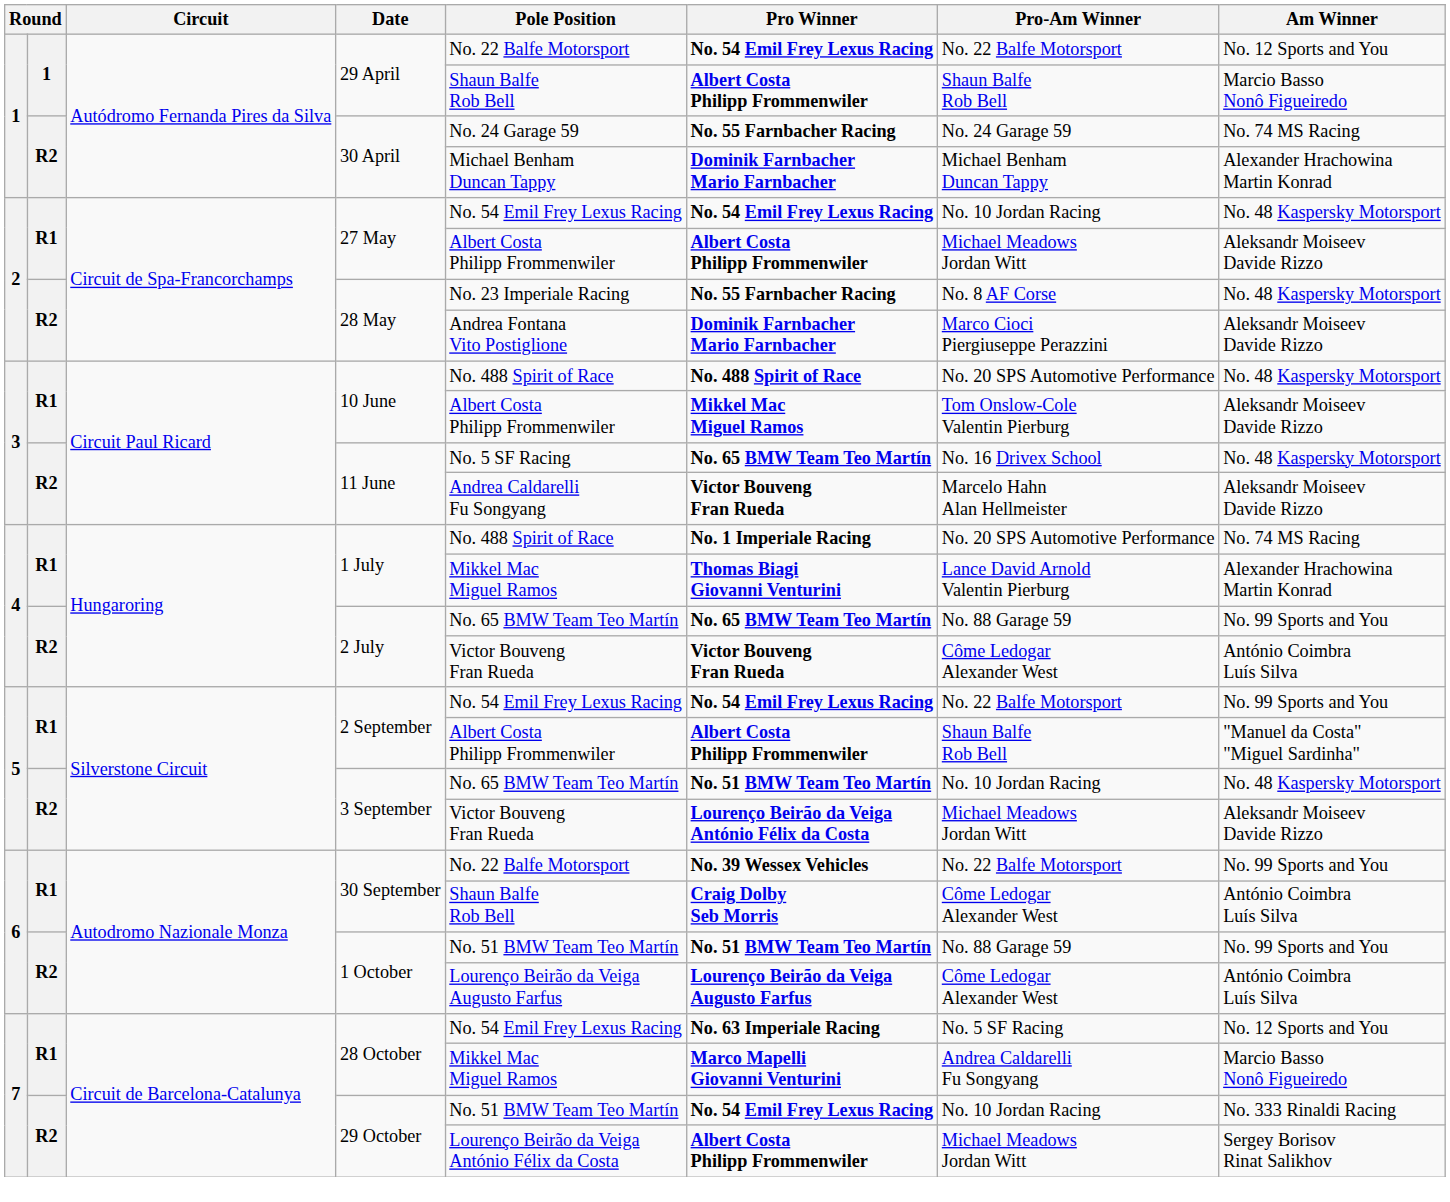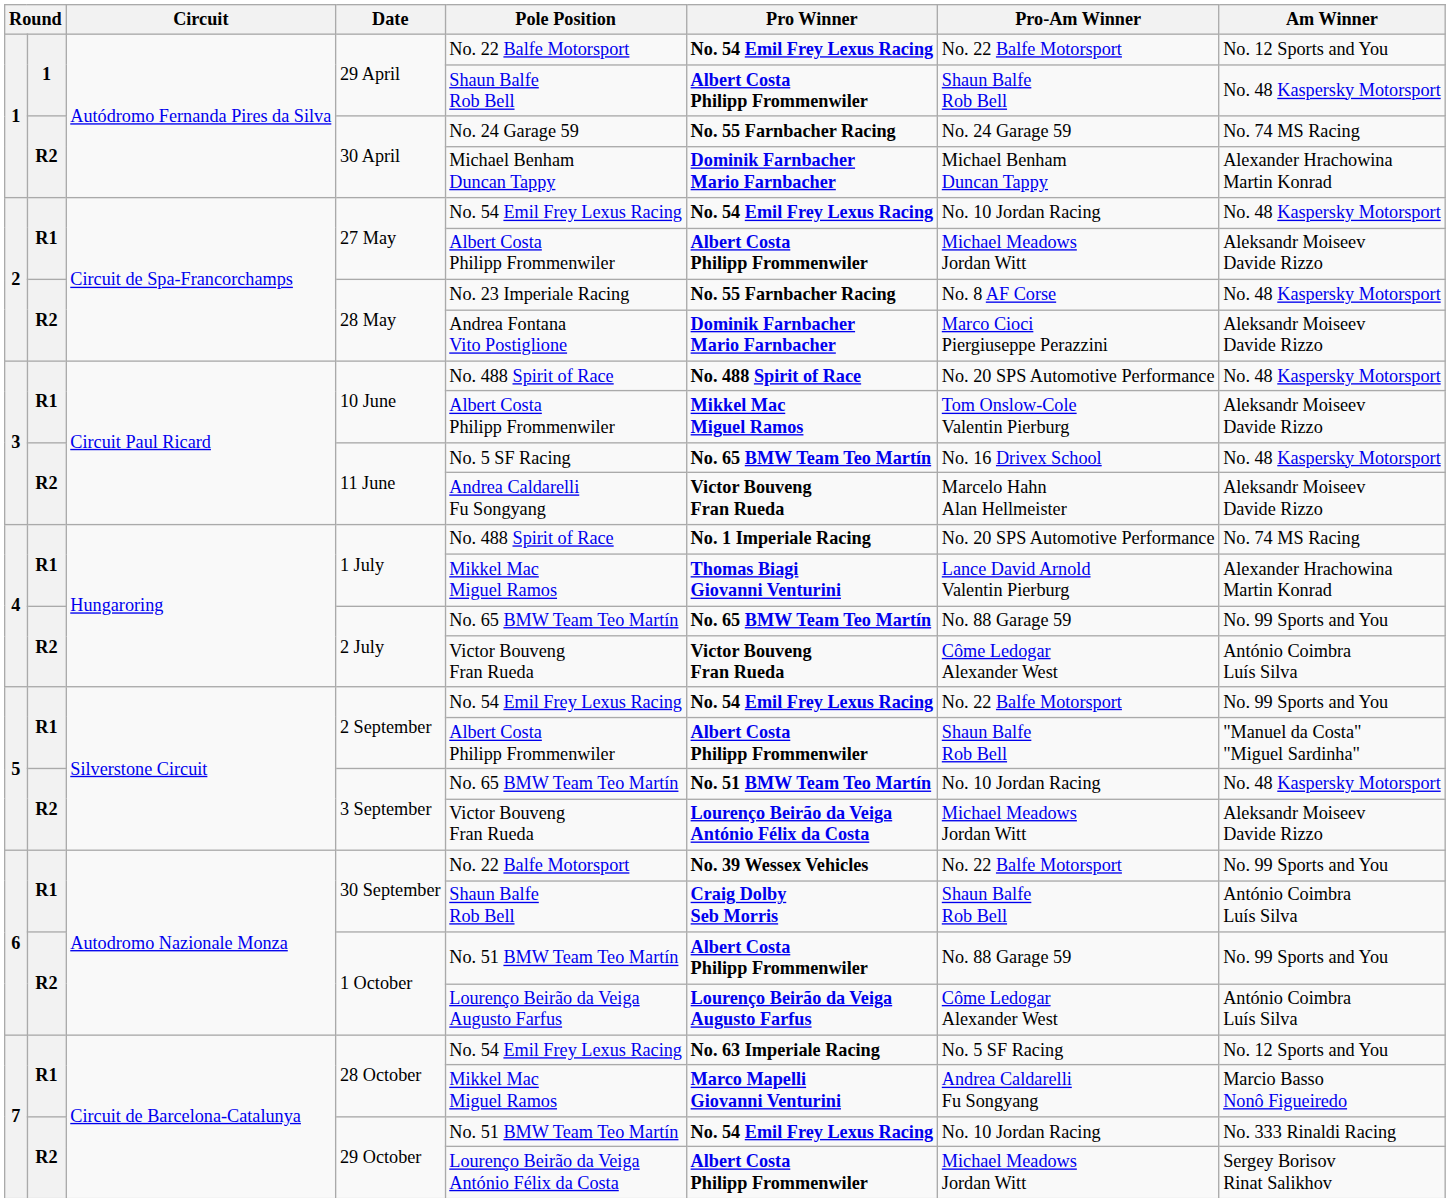 <table class="wikitable" style="font-size: 85%;">
 <tr>
 <th colspan=2>Round</th>
 <th>Circuit</th>
 <th>Date</th>
 <th>Pole Position</th>
 <th>Pro Winner</th>
 <th>Pro-Am Winner</th>
 <th>Am Winner</th>
 </tr>
 <tr>
 <th rowspan=4>1</th>
 <th rowspan=2>1</th>
 <td rowspan=4> <a href='#'>Autódromo Fernanda Pires da Silva</a></td>
 <td rowspan=2>29 April</td>
 <td> No. 22 <a href='#'>Balfe Motorsport</a></td>
 <td><strong> No. 54 <a href='#'>Emil Frey Lexus Racing</a> </strong></td>
 <td> No. 22 <a href='#'>Balfe Motorsport</a></td>
 <td> No. 12 Sports and You</td>
 </tr>
 <tr>
 <td> <a href='#'>Shaun Balfe</a><br> <a href='#'>Rob Bell</a></td>
 <td><strong> <a href='#'>Albert Costa</a><br> Philipp Frommenwiler</strong></td>
 <td> <a href='#'>Shaun Balfe</a><br> <a href='#'>Rob Bell</a></td>
-<td> Marcio Basso<br> <a href='#'>Nonô Figueiredo</a></td>
+<td> No. 48 <a href='#'>Kaspersky Motorsport</a></td>
 </tr>
 <tr>
 <th rowspan=2>R2</th>
 <td rowspan=2>30 April</td>
 <td> No. 24 Garage 59</td>
 <td><strong> No. 55 Farnbacher Racing</strong></td>
 <td> No. 24 Garage 59</td>
 <td> No. 74 MS Racing</td>
 </tr>
 <tr>
 <td> Michael Benham<br> <a href='#'>Duncan Tappy</a></td>
 <td><strong> <a href='#'>Dominik Farnbacher</a><br> <a href='#'>Mario Farnbacher</a></strong></td>
 <td> Michael Benham<br> <a href='#'>Duncan Tappy</a></td>
 <td> Alexander Hrachowina<br> Martin Konrad</td>
 </tr>
 <tr>
 <th rowspan=4>2</th>
 <th rowspan=2>R1</th>
 <td rowspan=4> <a href='#'>Circuit de Spa-Francorchamps</a></td>
 <td rowspan=2>27 May</td>
 <td> No. 54 <a href='#'>Emil Frey Lexus Racing</a></td>
 <td><strong> No. 54 <a href='#'>Emil Frey Lexus Racing</a> </strong></td>
 <td> No. 10 Jordan Racing</td>
 <td> No. 48 <a href='#'>Kaspersky Motorsport</a></td>
 </tr>
 <tr>
 <td> <a href='#'>Albert Costa</a><br> Philipp Frommenwiler</td>
 <td><strong> <a href='#'>Albert Costa</a><br> Philipp Frommenwiler</strong></td>
 <td> <a href='#'>Michael Meadows</a><br> Jordan Witt</td>
 <td> Aleksandr Moiseev<br> Davide Rizzo</td>
 </tr>
 <tr>
 <th rowspan=2>R2</th>
 <td rowspan=2>28 May</td>
 <td> No. 23 Imperiale Racing</td>
 <td><strong> No. 55 Farnbacher Racing</strong></td>
 <td> No. 8 <a href='#'>AF Corse</a></td>
 <td> No. 48 <a href='#'>Kaspersky Motorsport</a></td>
 </tr>
 <tr>
 <td> Andrea Fontana<br> <a href='#'>Vito Postiglione</a></td>
 <td><strong> <a href='#'>Dominik Farnbacher</a><br> <a href='#'>Mario Farnbacher</a></strong></td>
 <td> <a href='#'>Marco Cioci</a><br> Piergiuseppe Perazzini</td>
 <td> Aleksandr Moiseev<br> Davide Rizzo</td>
 </tr>
 <tr>
 <th rowspan=4>3</th>
 <th rowspan=2>R1</th>
 <td rowspan=4> <a href='#'>Circuit Paul Ricard</a></td>
 <td rowspan=2>10 June</td>
 <td> No. 488 <a href='#'>Spirit of Race</a></td>
 <td><strong> No. 488 <a href='#'>Spirit of Race</a></strong></td>
 <td> No. 20 SPS Automotive Performance</td>
 <td> No. 48 <a href='#'>Kaspersky Motorsport</a></td>
 </tr>
 <tr>
 <td> <a href='#'>Albert Costa</a><br> Philipp Frommenwiler</td>
 <td><strong> <a href='#'>Mikkel Mac</a><br> <a href='#'>Miguel Ramos</a></strong></td>
 <td> <a href='#'>Tom Onslow-Cole</a><br> Valentin Pierburg</td>
 <td> Aleksandr Moiseev<br> Davide Rizzo</td>
 </tr>
 <tr>
 <th rowspan=2>R2</th>
 <td rowspan=2>11 June</td>
 <td> No. 5 SF Racing</td>
 <td><strong> No. 65 <a href='#'>BMW Team Teo Martín</a></strong></td>
 <td> No. 16 <a href='#'>Drivex School</a></td>
 <td> No. 48 <a href='#'>Kaspersky Motorsport</a></td>
 </tr>
 <tr>
 <td> <a href='#'>Andrea Caldarelli</a><br> Fu Songyang</td>
 <td><strong> Victor Bouveng<br> Fran Rueda</strong></td>
 <td> Marcelo Hahn<br> Alan Hellmeister</td>
 <td> Aleksandr Moiseev<br> Davide Rizzo</td>
 </tr>
 <tr>
 <th rowspan=4>4</th>
 <th rowspan=2>R1</th>
 <td rowspan=4> <a href='#'>Hungaroring</a></td>
 <td rowspan=2>1 July</td>
 <td> No. 488 <a href='#'>Spirit of Race</a></td>
 <td><strong> No. 1 Imperiale Racing</strong></td>
 <td> No. 20 SPS Automotive Performance</td>
 <td> No. 74 MS Racing</td>
 </tr>
 <tr>
 <td> <a href='#'>Mikkel Mac</a><br> <a href='#'>Miguel Ramos</a></td>
 <td><strong> <a href='#'>Thomas Biagi</a><br> <a href='#'>Giovanni Venturini</a></strong></td>
 <td> <a href='#'>Lance David Arnold</a><br> Valentin Pierburg</td>
 <td> Alexander Hrachowina<br> Martin Konrad</td>
 </tr>
 <tr>
 <th rowspan=2>R2</th>
 <td rowspan=2>2 July</td>
 <td> No. 65 <a href='#'>BMW Team Teo Martín</a></td>
 <td><strong> No. 65 <a href='#'>BMW Team Teo Martín</a></strong></td>
 <td> No. 88 Garage 59</td>
 <td> No. 99 Sports and You</td>
 </tr>
 <tr>
 <td> Victor Bouveng<br> Fran Rueda</td>
 <td><strong> Victor Bouveng<br> Fran Rueda</strong></td>
 <td> <a href='#'>Côme Ledogar</a><br> Alexander West</td>
 <td> António Coimbra<br> Luís Silva</td>
 </tr>
 <tr>
 <th rowspan=4>5</th>
 <th rowspan=2>R1</th>
 <td rowspan=4> <a href='#'>Silverstone Circuit</a></td>
 <td rowspan=2>2 September</td>
 <td> No. 54 <a href='#'>Emil Frey Lexus Racing</a></td>
 <td><strong> No. 54 <a href='#'>Emil Frey Lexus Racing</a> </strong></td>
 <td> No. 22 <a href='#'>Balfe Motorsport</a></td>
 <td> No. 99 Sports and You</td>
 </tr>
 <tr>
 <td> <a href='#'>Albert Costa</a><br> Philipp Frommenwiler</td>
 <td><strong> <a href='#'>Albert Costa</a><br> Philipp Frommenwiler</strong></td>
 <td> <a href='#'>Shaun Balfe</a><br> <a href='#'>Rob Bell</a></td>
 <td> "Manuel da Costa"<br> "Miguel Sardinha"</td>
 </tr>
 <tr>
 <th rowspan=2>R2</th>
 <td rowspan=2>3 September</td>
 <td> No. 65 <a href='#'>BMW Team Teo Martín</a></td>
 <td><strong> No. 51 <a href='#'>BMW Team Teo Martín</a></strong></td>
 <td> No. 10 Jordan Racing</td>
 <td> No. 48 <a href='#'>Kaspersky Motorsport</a></td>
 </tr>
 <tr>
 <td> Victor Bouveng<br> Fran Rueda</td>
 <td><strong> <a href='#'>Lourenço Beirão da Veiga</a><br> <a href='#'>António Félix da Costa</a></strong></td>
 <td> <a href='#'>Michael Meadows</a><br> Jordan Witt</td>
 <td> Aleksandr Moiseev<br> Davide Rizzo</td>
 </tr>
 <tr>
 <th rowspan=4>6</th>
 <th rowspan=2>R1</th>
 <td rowspan=4> <a href='#'>Autodromo Nazionale Monza</a></td>
 <td rowspan=2>30 September</td>
 <td> No. 22 <a href='#'>Balfe Motorsport</a></td>
 <td><strong> No. 39 Wessex Vehicles</strong></td>
 <td> No. 22 <a href='#'>Balfe Motorsport</a></td>
 <td> No. 99 Sports and You</td>
 </tr>
 <tr>
 <td> <a href='#'>Shaun Balfe</a><br> <a href='#'>Rob Bell</a></td>
 <td><strong> <a href='#'>Craig Dolby</a><br> <a href='#'>Seb Morris</a></strong></td>
-<td> <a href='#'>Côme Ledogar</a><br> Alexander West</td>
+<td> <a href='#'>Shaun Balfe</a><br> <a href='#'>Rob Bell</a></td>
 <td> António Coimbra<br> Luís Silva</td>
 </tr>
 <tr>
 <th rowspan=2>R2</th>
 <td rowspan=2>1 October</td>
 <td> No. 51 <a href='#'>BMW Team Teo Martín</a></td>
-<td><strong> No. 51 <a href='#'>BMW Team Teo Martín</a></strong></td>
+<td><strong> <a href='#'>Albert Costa</a><br> Philipp Frommenwiler</strong></td>
 <td> No. 88 Garage 59</td>
 <td> No. 99 Sports and You</td>
 </tr>
 <tr>
 <td> <a href='#'>Lourenço Beirão da Veiga</a><br> <a href='#'>Augusto Farfus</a></td>
 <td><strong> <a href='#'>Lourenço Beirão da Veiga</a><br> <a href='#'>Augusto Farfus</a></strong></td>
 <td> <a href='#'>Côme Ledogar</a><br> Alexander West</td>
 <td> António Coimbra<br> Luís Silva</td>
 </tr>
 <tr>
 <th rowspan=4>7</th>
 <th rowspan=2>R1</th>
 <td rowspan=4> <a href='#'>Circuit de Barcelona-Catalunya</a></td>
 <td rowspan=2>28 October</td>
 <td> No. 54 <a href='#'>Emil Frey Lexus Racing</a></td>
 <td><strong> No. 63 Imperiale Racing</strong></td>
 <td> No. 5 SF Racing</td>
 <td> No. 12 Sports and You</td>
 </tr>
 <tr>
 <td> <a href='#'>Mikkel Mac</a><br> <a href='#'>Miguel Ramos</a></td>
 <td><strong> <a href='#'>Marco Mapelli</a><br> <a href='#'>Giovanni Venturini</a></strong></td>
 <td> <a href='#'>Andrea Caldarelli</a><br> Fu Songyang</td>
 <td> Marcio Basso<br> <a href='#'>Nonô Figueiredo</a></td>
 </tr>
 <tr>
 <th rowspan=2>R2</th>
 <td rowspan=2>29 October</td>
 <td> No. 51 <a href='#'>BMW Team Teo Martín</a></td>
 <td> <strong>No. 54 <a href='#'>Emil Frey Lexus Racing</a> </strong></td>
 <td> No. 10 Jordan Racing</td>
 <td> No. 333 Rinaldi Racing</td>
 </tr>
 <tr>
 <td> <a href='#'>Lourenço Beirão da Veiga</a><br> <a href='#'>António Félix da Costa</a></td>
 <td><strong> <a href='#'>Albert Costa</a><br> Philipp Frommenwiler</strong></td>
 <td> <a href='#'>Michael Meadows</a><br> Jordan Witt</td>
 <td> Sergey Borisov<br> Rinat Salikhov</td>
 </tr>
 </table>
